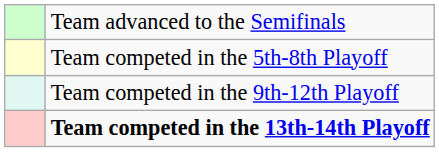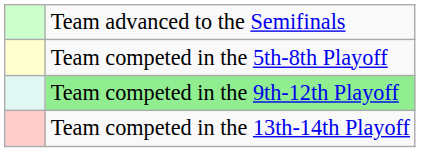 <table class="wikitable">
 <tr>
 <td style="background: #ccffcc; width:22px;"></td>
 <td>Team advanced to the <a href='#'>Semifinals</a></td>
 </tr>
 <tr>
 <td style="background: #ffffd0;"></td>
 <td>Team competed in the <a href='#'>5th-8th Playoff</a></td>
 </tr>
 <tr>
 <td style="background: #E0F8F1;"></td>
-<td>Team competed in the <a href='#'>9th-12th Playoff</a></td>
+<td style="background: lightgreen;">Team competed in the <a href='#'>9th-12th Playoff</a></td>
 </tr>
 <tr>
 <td style="background: #ffcccc;"></td>
-<td><strong>Team competed in the <a href='#'>13th-14th Playoff</a></strong></td>
+<td>Team competed in the <a href='#'>13th-14th Playoff</a></td>
 </tr>
 </table>
